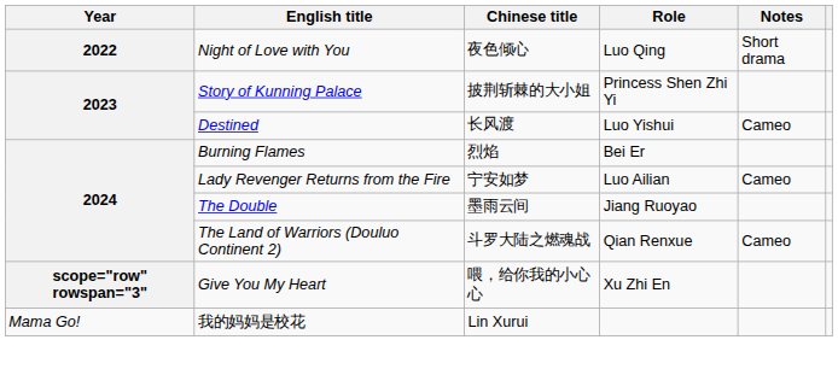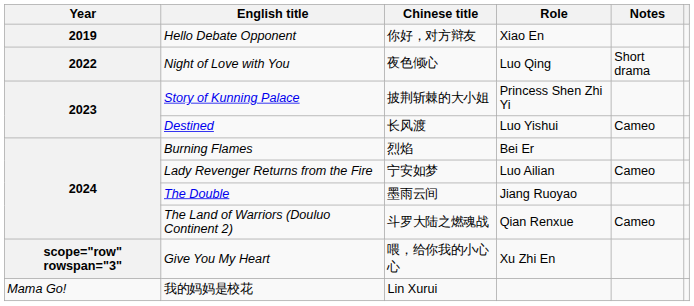 <table class="wikitable sortable plainrowheaders">
 <tr>
 <th scope="col">Year</th>
 <th scope="col">English title</th>
 <th scope="col">Chinese title</th>
 <th scope="col">Role</th>
 <th scope="col">Notes</th>
 <th scope="col" class="unsortable"></th>
+</tr>
+<tr>
+<th scope="row">2019</th>
+<td><em>Hello Debate Opponent</em></td>
+<td>你好，对方辩友</td>
+<td>Xiao En</td>
+<td></td>
+<td style="text-align:center"></td>
 </tr>
 <tr>
 <th scope="row">2022</th>
 <td><em>Night of Love with You</em></td>
 <td>夜色倾心</td>
 <td>Luo Qing</td>
 <td>Short drama</td>
 <td style="text-align:center"></td>
 </tr>
 <tr>
 <th rowspan="2" scope="row">2023</th>
 <td><em><a href='#'>Story of Kunning Palace</a></em></td>
 <td>披荆斩棘的大小姐</td>
 <td>Princess Shen Zhi Yi</td>
 <td></td>
 <td style="text-align:center"></td>
 </tr>
 <tr>
 <td><em><a href='#'>Destined</a></em></td>
 <td>长风渡</td>
 <td>Luo Yishui</td>
 <td>Cameo</td>
 <td style="text-align:center"></td>
 </tr>
 <tr>
 <th rowspan="4" scope="row">2024</th>
 <td><em>Burning Flames</em></td>
 <td>烈焰</td>
 <td>Bei Er</td>
 <td></td>
 <td style="text-align:center"></td>
 </tr>
 <tr>
 <td><em>Lady Revenger Returns from the Fire</em></td>
 <td>宁安如梦</td>
 <td>Luo Ailian</td>
 <td>Cameo</td>
 <td style="text-align:center"></td>
 </tr>
 <tr>
 <td><em><a href='#'>The Double</a></em></td>
 <td>墨雨云间</td>
 <td>Jiang Ruoyao</td>
 <td></td>
 <td style="text-align:center"></td>
 </tr>
 <tr>
 <td><em>The Land of Warriors (Douluo Continent 2)</em></td>
 <td>斗罗大陆之燃魂战</td>
 <td>Qian Renxue</td>
 <td>Cameo</td>
 <td style="text-align:center"></td>
 </tr>
 <tr>
 <th>scope="row" rowspan="3" </th>
 <td><em>Give You My Heart</em></td>
 <td>喂，给你我的小心心</td>
 <td>Xu Zhi En</td>
 <td></td>
 <td style="text-align:center"></td>
 </tr>
 <tr>
 <td><em>Mama Go!</em></td>
 <td>我的妈妈是校花</td>
 <td>Lin Xurui</td>
 <td></td>
 <td style="text-align:center"></td>
 </tr>
 </table>
